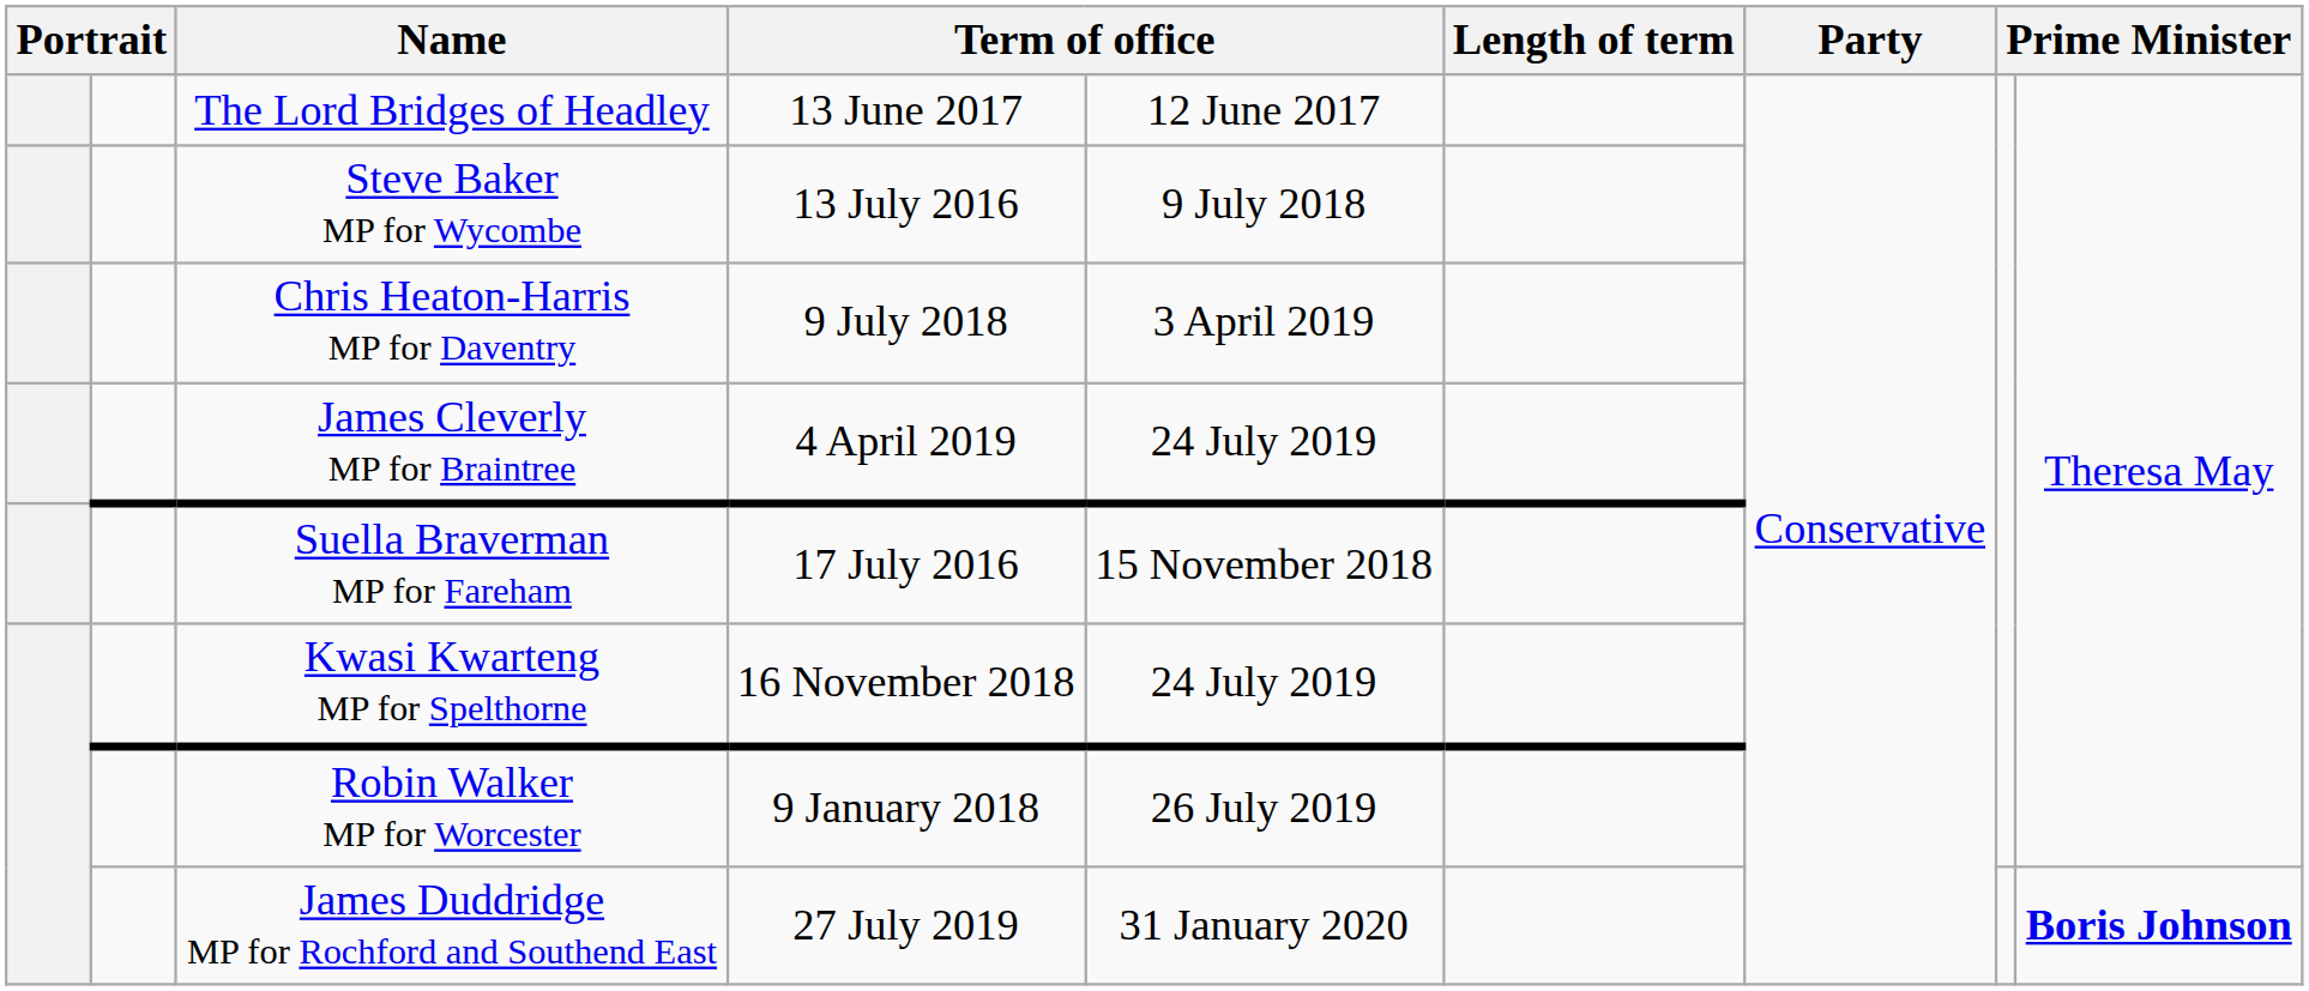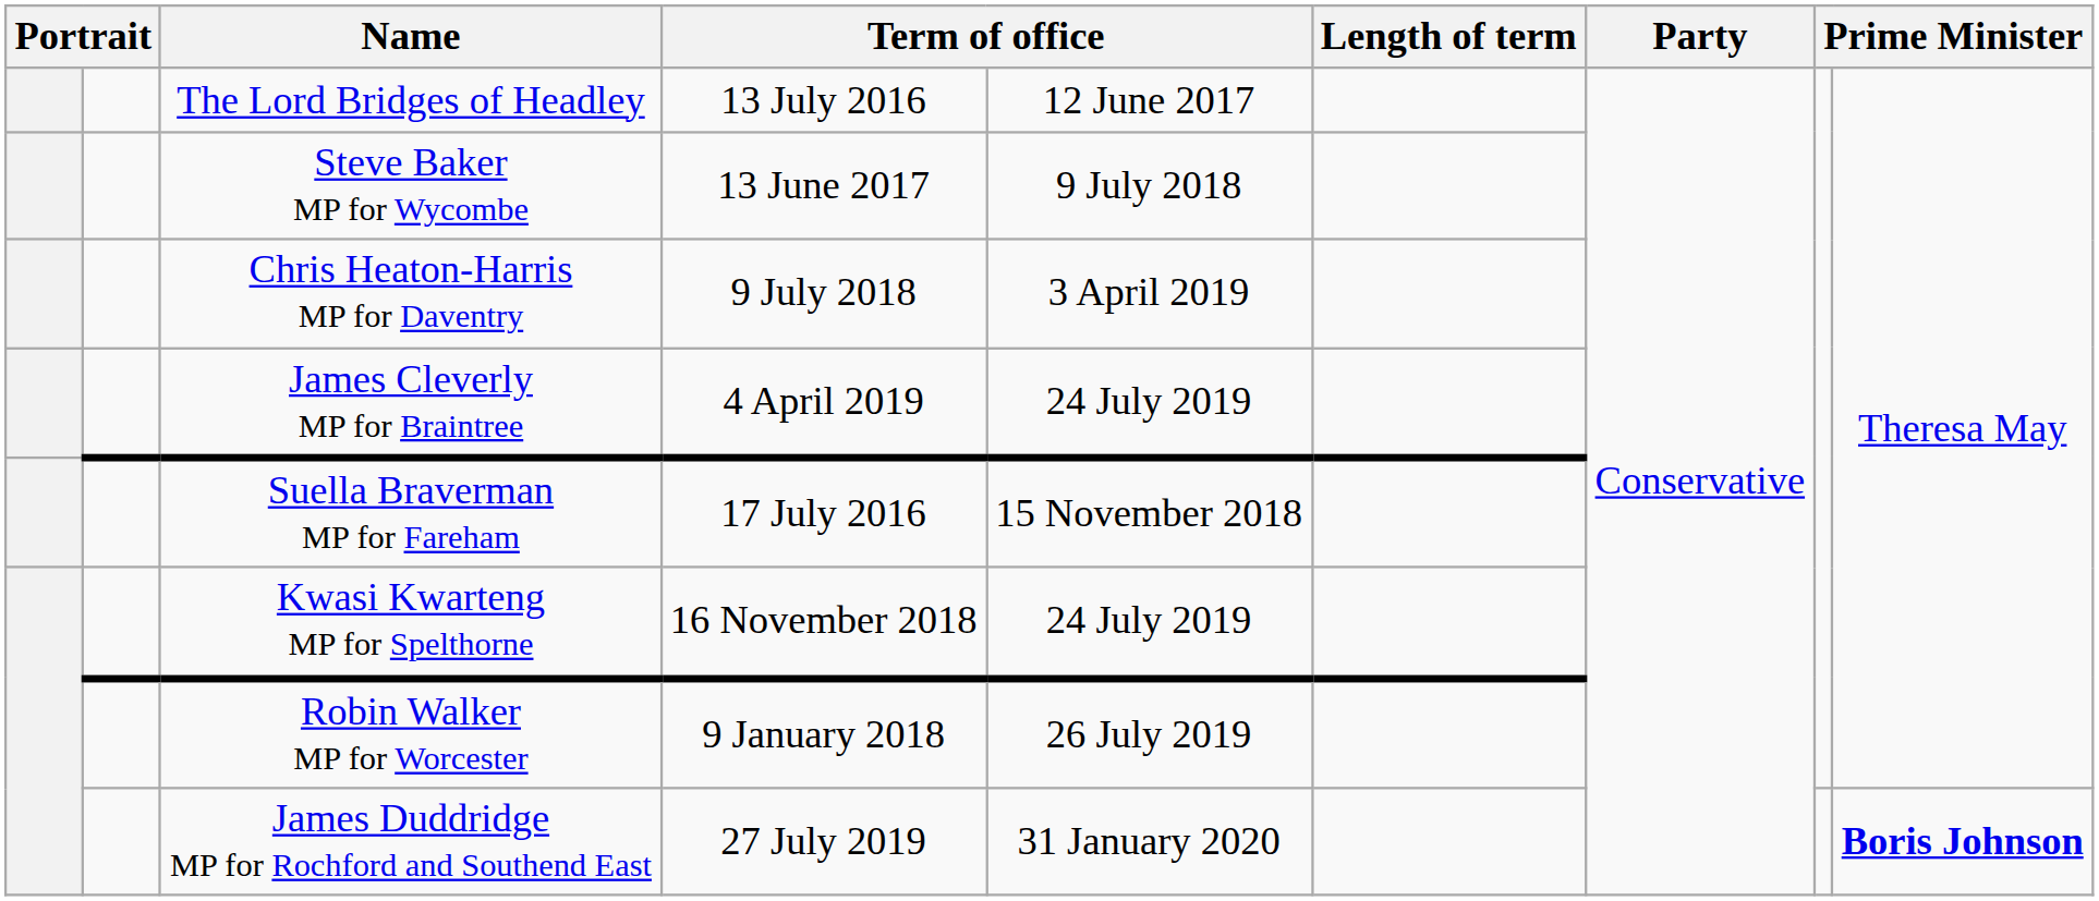 <table class="wikitable" style="text-align:center">
 <tr>
 <th colspan=2>Portrait</th>
 <th>Name</th>
 <th colspan=2>Term of office</th>
 <th>Length of term</th>
 <th>Party</th>
 <th colspan=2>Prime Minister</th>
 </tr>
 <tr>
 <th style="background-color: "></th>
 <td></td>
 <td><a href='#'>The Lord Bridges of Headley</a></td>
-<td>13 June 2017</td>
+<td>13 July 2016</td>
 <td>12 June 2017</td>
 <td></td>
 <td rowspan="8"><a href='#'>Conservative</a></td>
 <td rowspan="7" style="background-color: "></td>
 <td rowspan="7"><a href='#'>Theresa May</a></td>
 </tr>
 <tr>
 <th style="background-color: "></th>
 <td></td>
 <td><a href='#'>Steve Baker</a><br><small>MP for <a href='#'>Wycombe</a></small></td>
-<td>13 July 2016</td>
+<td>13 June 2017</td>
 <td>9 July 2018</td>
 <td></td>
 </tr>
 <tr>
 <th style="background-color: "></th>
 <td></td>
 <td><a href='#'>Chris Heaton-Harris</a><br><small>MP for <a href='#'>Daventry</a></small></td>
 <td>9 July 2018</td>
 <td>3 April 2019</td>
 <td></td>
 </tr>
 <tr>
 <th style="background-color: "></th>
 <td></td>
 <td><a href='#'>James Cleverly</a><br><small>MP for <a href='#'>Braintree</a></small></td>
 <td>4 April 2019</td>
 <td>24 July 2019</td>
 <td></td>
 </tr>
 <tr>
 <th style="background-color: "></th>
 <td style="border-top: solid"></td>
 <td style="border-top: solid"><a href='#'>Suella Braverman</a><br><small>MP for <a href='#'>Fareham</a></small></td>
 <td style="border-top: solid">17 July 2016</td>
 <td style="border-top: solid">15 November 2018</td>
 <td style="border-top: solid"></td>
 </tr>
 <tr>
 <th rowspan="5" style="background-color: "></th>
 <td></td>
 <td><a href='#'>Kwasi Kwarteng</a><br><small>MP for <a href='#'>Spelthorne</a></small></td>
 <td>16 November 2018</td>
 <td>24 July 2019</td>
 <td></td>
 </tr>
 <tr>
 <td style="border-top: solid"></td>
 <td style="border-top: solid"><a href='#'>Robin Walker</a><br><small>MP for <a href='#'>Worcester</a></small></td>
 <td style="border-top: solid">9 January 2018</td>
 <td style="border-top: solid">26 July 2019</td>
 <td style="border-top: solid"></td>
 </tr>
 <tr>
 <td></td>
 <td><a href='#'>James Duddridge</a><br><small>MP for <a href='#'>Rochford and Southend East</a></small></td>
 <td>27 July 2019</td>
 <td>31 January 2020</td>
 <td></td>
 <td style="background-color: "></td>
 <td><strong><a href='#'>Boris Johnson</a></strong></td>
 </tr>
 </table>
